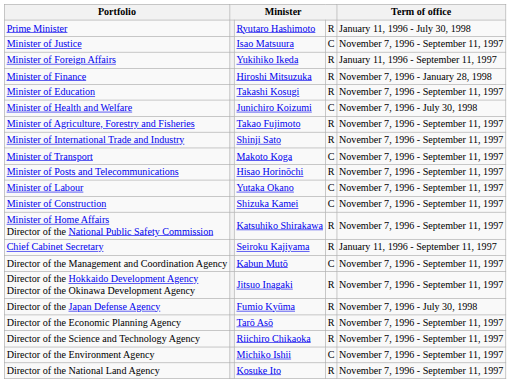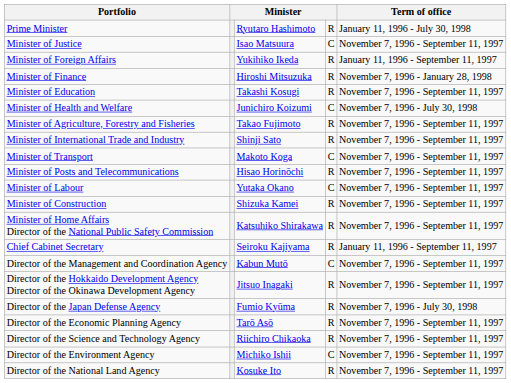 <table class="wikitable">
 <tr>
 <th>Portfolio</th>
 <th colspan=3>Minister</th>
 <th>Term of office</th>
 </tr>
 <tr>
 <td><a href='#'>Prime Minister</a></td>
 <th style="color:inherit;background-color: "></th>
 <td><a href='#'>Ryutaro Hashimoto</a></td>
 <td>R</td>
 <td>January 11, 1996 - July 30, 1998</td>
 </tr>
 <tr>
 <td><a href='#'>Minister of Justice</a></td>
 <th style="color:inherit;background-color: "></th>
 <td><a href='#'>Isao Matsuura</a></td>
 <td>C</td>
 <td>November 7, 1996 - September 11, 1997</td>
 </tr>
 <tr>
 <td><a href='#'>Minister of Foreign Affairs</a></td>
 <th style="color:inherit;background-color: "></th>
 <td><a href='#'>Yukihiko Ikeda</a></td>
 <td>R</td>
 <td>January 11, 1996 - September 11, 1997</td>
 </tr>
 <tr>
 <td><a href='#'>Minister of Finance</a></td>
 <th style="color:inherit;background-color: "></th>
 <td><a href='#'>Hiroshi Mitsuzuka</a></td>
 <td>R</td>
 <td>November 7, 1996 - January 28, 1998</td>
 </tr>
 <tr>
 <td><a href='#'>Minister of Education</a></td>
 <th style="color:inherit;background-color: "></th>
 <td><a href='#'>Takashi Kosugi</a></td>
 <td>R</td>
 <td>November 7, 1996 - September 11, 1997</td>
 </tr>
 <tr>
 <td><a href='#'>Minister of Health and Welfare</a></td>
 <th style="color:inherit;background-color: "></th>
 <td><a href='#'>Junichiro Koizumi</a></td>
 <td>C</td>
 <td>November 7, 1996 - July 30, 1998</td>
 </tr>
 <tr>
 <td><a href='#'>Minister of Agriculture, Forestry and Fisheries</a></td>
 <th style="color:inherit;background-color: "></th>
 <td><a href='#'>Takao Fujimoto</a></td>
 <td>R</td>
 <td>November 7, 1996 - September 11, 1997</td>
 </tr>
 <tr>
 <td><a href='#'>Minister of International Trade and Industry</a></td>
 <th style="color:inherit;background-color: "></th>
 <td><a href='#'>Shinji Sato</a></td>
 <td>R</td>
 <td>November 7, 1996 - September 11, 1997</td>
 </tr>
 <tr>
 <td><a href='#'>Minister of Transport</a></td>
 <th style="color:inherit;background-color: "></th>
 <td><a href='#'>Makoto Koga</a></td>
 <td>C</td>
 <td>November 7, 1996 - September 11, 1997</td>
 </tr>
 <tr>
 <td><a href='#'>Minister of Posts and Telecommunications</a></td>
 <th style="color:inherit;background-color: "></th>
 <td><a href='#'>Hisao Horinōchi</a></td>
 <td>R</td>
 <td>November 7, 1996 - September 11, 1997</td>
 </tr>
 <tr>
 <td><a href='#'>Minister of Labour</a></td>
 <th style="color:inherit;background-color: "></th>
 <td><a href='#'>Yutaka Okano</a></td>
 <td>C</td>
 <td>November 7, 1996 - September 11, 1997</td>
 </tr>
 <tr>
 <td><a href='#'>Minister of Construction</a></td>
 <th style="color:inherit;background-color: "></th>
 <td><a href='#'>Shizuka Kamei</a></td>
-<td>C</td>
+<td>R</td>
 <td>November 7, 1996 - September 11, 1997</td>
 </tr>
 <tr>
 <td><a href='#'>Minister of Home Affairs</a> <br>Director of the <a href='#'>National Public Safety Commission</a></td>
 <th style="color:inherit;background-color: "></th>
 <td><a href='#'>Katsuhiko Shirakawa</a></td>
 <td>R</td>
 <td>November 7, 1996 - September 11, 1997</td>
 </tr>
 <tr>
 <td><a href='#'>Chief Cabinet Secretary</a></td>
 <th style="color:inherit;background-color: "></th>
 <td><a href='#'>Seiroku Kajiyama</a></td>
 <td>R</td>
 <td>January 11, 1996 - September 11, 1997</td>
 </tr>
 <tr>
 <td>Director of the Management and Coordination Agency</td>
 <th style="color:inherit;background-color: "></th>
 <td><a href='#'>Kabun Mutō</a></td>
 <td>C</td>
 <td>November 7, 1996 - September 11, 1997</td>
 </tr>
 <tr>
 <td>Director of the <a href='#'>Hokkaido Development Agency</a> <br>Director of the Okinawa Development Agency</td>
 <th style="color:inherit;background-color: "></th>
 <td><a href='#'>Jitsuo Inagaki</a></td>
 <td>R</td>
 <td>November 7, 1996 - September 11, 1997</td>
 </tr>
 <tr>
 <td>Director of the <a href='#'>Japan Defense Agency</a></td>
 <th style="color:inherit;background-color: "></th>
 <td><a href='#'>Fumio Kyūma</a></td>
 <td>R</td>
 <td>November 7, 1996 - July 30, 1998</td>
 </tr>
 <tr>
 <td>Director of the Economic Planning Agency</td>
 <th style="color:inherit;background-color: "></th>
 <td><a href='#'>Tarō Asō</a></td>
 <td>R</td>
 <td>November 7, 1996 - September 11, 1997</td>
 </tr>
 <tr>
 <td>Director of the Science and Technology Agency</td>
 <th style="color:inherit;background-color: "></th>
 <td><a href='#'>Riichiro Chikaoka</a></td>
 <td>R</td>
 <td>November 7, 1996 - September 11, 1997</td>
 </tr>
 <tr>
 <td>Director of the Environment Agency</td>
 <th style="color:inherit;background-color: "></th>
 <td><a href='#'>Michiko Ishii</a></td>
 <td>C</td>
 <td>November 7, 1996 - September 11, 1997</td>
 </tr>
 <tr>
 <td>Director of the National Land Agency</td>
 <th style="color:inherit;background-color: "></th>
 <td><a href='#'>Kosuke Ito</a></td>
 <td>R</td>
 <td>November 7, 1996 - September 11, 1997</td>
 </tr>
 </table>
